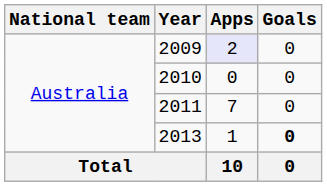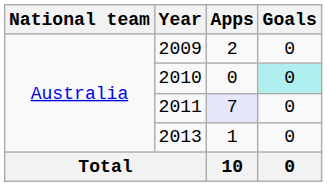 <table class="wikitable" style="text-align:center">
 <tr>
 <th>National team</th>
 <th>Year</th>
 <th>Apps</th>
 <th>Goals</th>
 </tr>
 <tr>
 <td rowspan="4"><a href='#'>Australia</a></td>
 <td>2009</td>
-<td style="background: lavender;">2</td>
+<td>2</td>
 <td>0</td>
 </tr>
 <tr>
 <td>2010</td>
 <td>0</td>
-<td>0</td>
+<td style="background: paleturquoise;">0</td>
 </tr>
 <tr>
 <td>2011</td>
-<td>7</td>
+<td style="background: lavender;">7</td>
 <td>0</td>
 </tr>
 <tr>
 <td>2013</td>
 <td>1</td>
-<td><strong>0</strong></td>
+<td>0</td>
 </tr>
 <tr>
 <th colspan="2">Total</th>
 <th>10</th>
 <th>0</th>
 </tr>
 </table>
